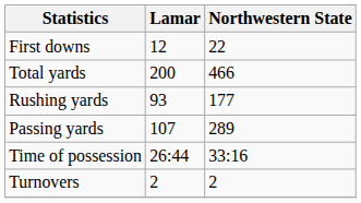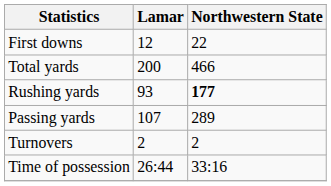 <table class="wikitable">
 <tr>
 <th>Statistics</th>
 <th>Lamar</th>
 <th>Northwestern State</th>
 </tr>
 <tr>
 <td>First downs</td>
 <td>12</td>
 <td>22</td>
 </tr>
 <tr>
 <td>Total yards</td>
 <td>200</td>
 <td>466</td>
 </tr>
 <tr>
 <td>Rushing yards</td>
 <td>93</td>
-<td>177</td>
+<td><strong>177</strong></td>
 </tr>
 <tr>
 <td>Passing yards</td>
 <td>107</td>
 <td>289</td>
 </tr>
 <tr>
+<td>Turnovers</td>
+<td>2</td>
+<td>2</td>
+</tr>
+<tr>
 <td>Time of possession</td>
 <td>26:44</td>
 <td>33:16</td>
 </tr>
 <tr>
-<td>Turnovers</td>
-<td>2</td>
-<td>2</td>
-</tr>
-<tr>
 </tr>
 </table>
